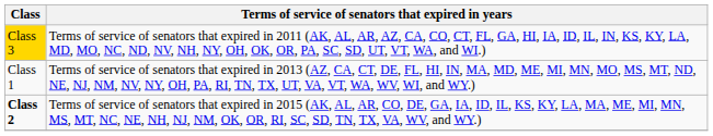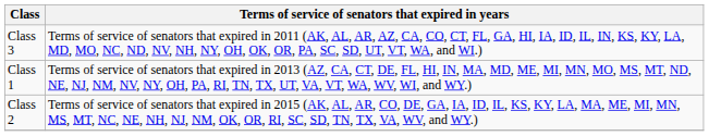 <table class="wikitable sortable">
 <tr valign=bottom>
 <th>Class</th>
 <th>Terms of service of senators that expired in years</th>
 </tr>
 <tr>
-<td style="background: gold;">Class 3</td>
+<td>Class 3</td>
 <td>Terms of service of senators that expired in 2011 (<a href='#'>AK</a>, <a href='#'>AL</a>, <a href='#'>AR</a>, <a href='#'>AZ</a>, <a href='#'>CA</a>, <a href='#'>CO</a>, <a href='#'>CT</a>, <a href='#'>FL</a>, <a href='#'>GA</a>, <a href='#'>HI</a>, <a href='#'>IA</a>, <a href='#'>ID</a>, <a href='#'>IL</a>, <a href='#'>IN</a>, <a href='#'>KS</a>, <a href='#'>KY</a>, <a href='#'>LA</a>, <a href='#'>MD</a>, <a href='#'>MO</a>, <a href='#'>NC</a>, <a href='#'>ND</a>, <a href='#'>NV</a>, <a href='#'>NH</a>, <a href='#'>NY</a>, <a href='#'>OH</a>, <a href='#'>OK</a>, <a href='#'>OR</a>, <a href='#'>PA</a>, <a href='#'>SC</a>, <a href='#'>SD</a>, <a href='#'>UT</a>, <a href='#'>VT</a>, <a href='#'>WA</a>, and <a href='#'>WI</a>.)</td>
 </tr>
 <tr>
 <td>Class 1</td>
 <td>Terms of service of senators that expired in 2013 (<a href='#'>AZ</a>, <a href='#'>CA</a>, <a href='#'>CT</a>, <a href='#'>DE</a>, <a href='#'>FL</a>, <a href='#'>HI</a>, <a href='#'>IN</a>, <a href='#'>MA</a>, <a href='#'>MD</a>, <a href='#'>ME</a>, <a href='#'>MI</a>, <a href='#'>MN</a>, <a href='#'>MO</a>, <a href='#'>MS</a>, <a href='#'>MT</a>, <a href='#'>ND</a>, <a href='#'>NE</a>, <a href='#'>NJ</a>, <a href='#'>NM</a>, <a href='#'>NV</a>, <a href='#'>NY</a>, <a href='#'>OH</a>, <a href='#'>PA</a>, <a href='#'>RI</a>, <a href='#'>TN</a>, <a href='#'>TX</a>, <a href='#'>UT</a>, <a href='#'>VA</a>, <a href='#'>VT</a>, <a href='#'>WA</a>, <a href='#'>WV</a>, <a href='#'>WI</a>, and <a href='#'>WY</a>.)</td>
 </tr>
 <tr>
-<td><strong>Class 2</strong></td>
+<td>Class 2</td>
 <td>Terms of service of senators that expired in 2015 (<a href='#'>AK</a>, <a href='#'>AL</a>, <a href='#'>AR</a>, <a href='#'>CO</a>, <a href='#'>DE</a>, <a href='#'>GA</a>, <a href='#'>IA</a>, <a href='#'>ID</a>, <a href='#'>IL</a>, <a href='#'>KS</a>, <a href='#'>KY</a>, <a href='#'>LA</a>, <a href='#'>MA</a>, <a href='#'>ME</a>,  <a href='#'>MI</a>, <a href='#'>MN</a>, <a href='#'>MS</a>, <a href='#'>MT</a>, <a href='#'>NC</a>, <a href='#'>NE</a>, <a href='#'>NH</a>, <a href='#'>NJ</a>, <a href='#'>NM</a>, <a href='#'>OK</a>, <a href='#'>OR</a>, <a href='#'>RI</a>, <a href='#'>SC</a>, <a href='#'>SD</a>, <a href='#'>TN</a>, <a href='#'>TX</a>, <a href='#'>VA</a>, <a href='#'>WV</a>, and <a href='#'>WY</a>.)</td>
 </tr>
 <tr>
 </tr>
 </table>
